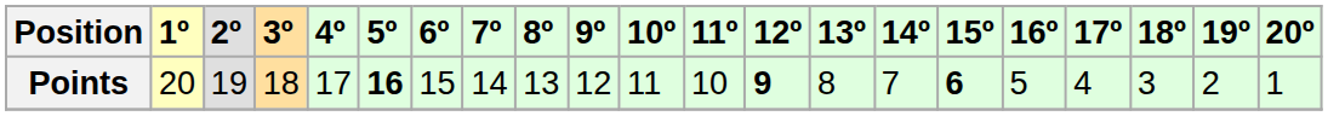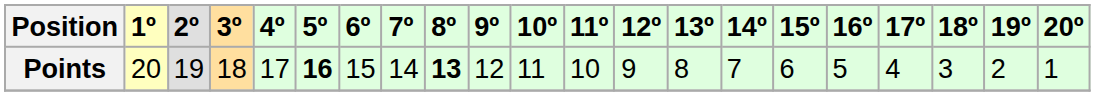 <table class="wikitable sortable" style="font-size:85%">
 <tr>
 <th>Position</th>
 <td style="background-color:#ffffbf"><strong>1º</strong></td>
 <td style="background-color:#dfdfdf"><strong>2º</strong></td>
 <td style="background-color:#ffdf9f"><strong>3º</strong></td>
 <td style="background-color:#dfffdf"><strong>4º</strong></td>
 <td style="background-color:#dfffdf"><strong>5º</strong></td>
 <td style="background-color:#dfffdf"><strong>6º</strong></td>
 <td style="background-color:#dfffdf"><strong>7º</strong></td>
 <td style="background-color:#dfffdf"><strong>8º</strong></td>
 <td style="background-color:#dfffdf"><strong>9º</strong></td>
 <td style="background-color:#dfffdf"><strong>10º</strong></td>
 <td style="background-color:#dfffdf"><strong>11º</strong></td>
 <td style="background-color:#dfffdf"><strong>12º</strong></td>
 <td style="background-color:#dfffdf"><strong>13º</strong></td>
 <td style="background-color:#dfffdf"><strong>14º</strong></td>
 <td style="background-color:#dfffdf"><strong>15º</strong></td>
 <td style="background-color:#dfffdf"><strong>16º</strong></td>
 <td style="background-color:#dfffdf"><strong>17º</strong></td>
 <td style="background-color:#dfffdf"><strong>18º</strong></td>
 <td style="background-color:#dfffdf"><strong>19º</strong></td>
 <td style="background-color:#dfffdf"><strong>20º</strong></td>
 </tr>
 <tr>
 <th>Points</th>
 <td style="background-color:#ffffbf">20</td>
 <td style="background-color:#dfdfdf">19</td>
 <td style="background-color:#ffdf9f">18</td>
 <td style="background-color:#dfffdf">17</td>
 <td style="background-color:#dfffdf"><strong>16</strong></td>
 <td style="background-color:#dfffdf">15</td>
 <td style="background-color:#dfffdf">14</td>
-<td style="background-color:#dfffdf">13</td>
+<td style="background-color:#dfffdf"><strong>13</strong></td>
 <td style="background-color:#dfffdf">12</td>
 <td style="background-color:#dfffdf">11</td>
 <td style="background-color:#dfffdf">10</td>
-<td style="background-color:#dfffdf"><strong>9</strong></td>
+<td style="background-color:#dfffdf">9</td>
 <td style="background-color:#dfffdf">8</td>
 <td style="background-color:#dfffdf">7</td>
-<td style="background-color:#dfffdf"><strong>6</strong></td>
+<td style="background-color:#dfffdf">6</td>
 <td style="background-color:#dfffdf">5</td>
 <td style="background-color:#dfffdf">4</td>
 <td style="background-color:#dfffdf">3</td>
 <td style="background-color:#dfffdf">2</td>
 <td style="background-color:#dfffdf">1</td>
 </tr>
 <tr>
 </tr>
 </table>
